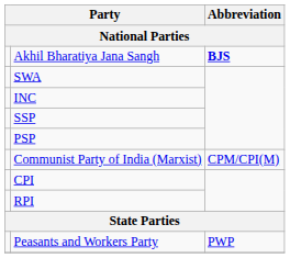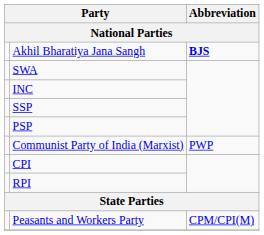 <table class="wikitable">
 <tr>
 <th Colspan=2>Party</th>
 <th>Abbreviation</th>
 </tr>
 <tr>
 <th Colspan=4>National Parties</th>
 </tr>
 <tr>
 <td></td>
 <td><a href='#'>Akhil Bharatiya Jana Sangh</a></td>
 <td><strong><a href='#'>BJS</a></strong></td>
 </tr>
 <tr>
 <td></td>
 <td><a href='#'>SWA</a></td>
 </tr>
 <tr>
 <td></td>
 <td><a href='#'>INC</a></td>
 </tr>
 <tr>
 <td></td>
 <td><a href='#'>SSP</a></td>
 </tr>
 <tr>
 <td></td>
 <td><a href='#'>PSP</a></td>
 </tr>
 <tr>
 <td></td>
 <td><a href='#'>Communist Party of India (Marxist)</a></td>
-<td><a href='#'>CPM/CPI(M)</a></td>
+<td><a href='#'>PWP</a></td>
 </tr>
 <tr>
 <td></td>
 <td><a href='#'>CPI</a></td>
 </tr>
 <tr>
 <td></td>
 <td><a href='#'>RPI</a></td>
 </tr>
 <tr>
 <th Colspan=4>State Parties</th>
 </tr>
 <tr>
 <td></td>
 <td><a href='#'>Peasants and Workers Party</a></td>
-<td><a href='#'>PWP</a></td>
+<td><a href='#'>CPM/CPI(M)</a></td>
 </tr>
 <tr>
 </tr>
 </table>
